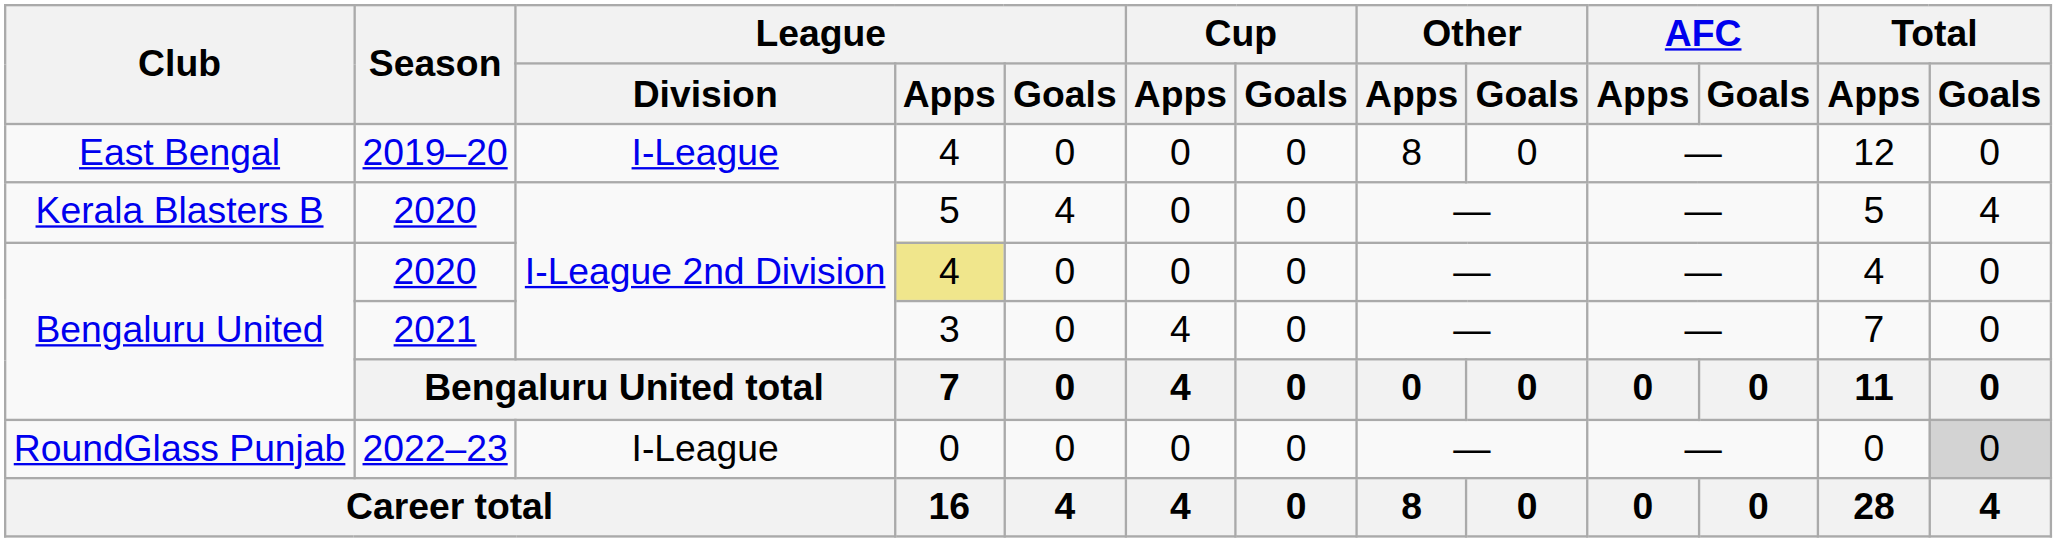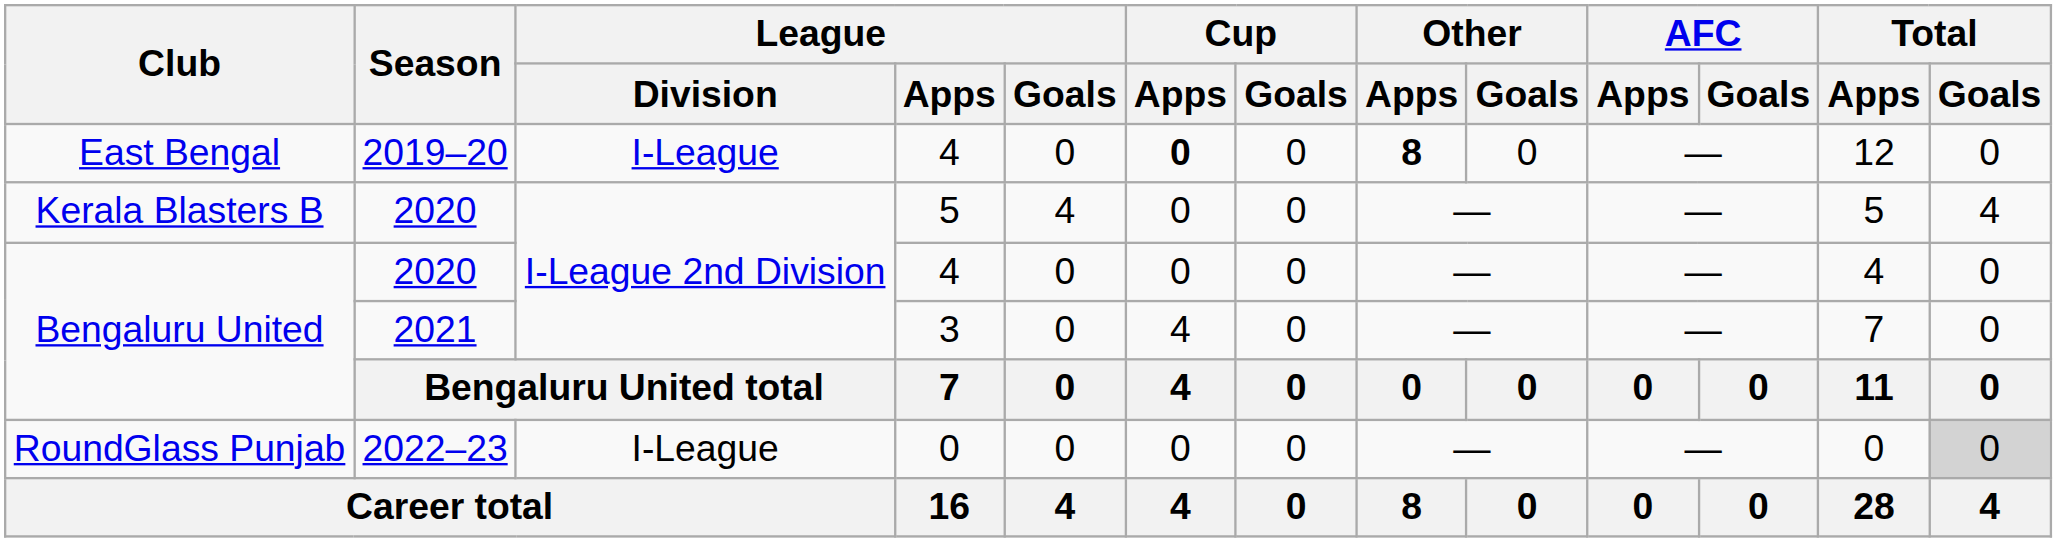 <table class="wikitable" style="text-align: center;">
 <tr>
 <th rowspan="2">Club</th>
 <th rowspan="2">Season</th>
 <th colspan="3">League</th>
 <th colspan="2">Cup</th>
 <th colspan="2">Other</th>
 <th colspan="2"><a href='#'>AFC</a></th>
 <th colspan="2">Total</th>
 </tr>
 <tr>
 <th>Division</th>
 <th>Apps</th>
 <th>Goals</th>
 <th>Apps</th>
 <th>Goals</th>
 <th>Apps</th>
 <th>Goals</th>
 <th>Apps</th>
 <th>Goals</th>
 <th>Apps</th>
 <th>Goals</th>
 </tr>
 <tr>
 <td rowspan="1"><a href='#'>East Bengal</a></td>
 <td><a href='#'>2019–20</a></td>
 <td rowspan="1"><a href='#'>I-League</a></td>
 <td>4</td>
 <td>0</td>
+<td><strong>0</strong></td>
 <td>0</td>
-<td>0</td>
-<td>8</td>
+<td><strong>8</strong></td>
 <td>0</td>
 <td colspan="2">—</td>
 <td>12</td>
 <td>0</td>
 </tr>
 <tr>
 <td rowspan="1"><a href='#'>Kerala Blasters B</a></td>
 <td><a href='#'>2020</a></td>
 <td rowspan="3"><a href='#'>I-League 2nd Division</a></td>
 <td>5</td>
 <td>4</td>
 <td>0</td>
 <td>0</td>
 <td colspan="2">—</td>
 <td colspan="2">—</td>
 <td>5</td>
 <td>4</td>
 </tr>
 <tr>
 <td rowspan="3"><a href='#'>Bengaluru United</a></td>
 <td><a href='#'>2020</a></td>
-<td style="background: khaki;">4</td>
+<td>4</td>
 <td>0</td>
 <td>0</td>
 <td>0</td>
 <td colspan="2">—</td>
 <td colspan="2">—</td>
 <td>4</td>
 <td>0</td>
 </tr>
 <tr>
 <td><a href='#'>2021</a></td>
 <td>3</td>
 <td>0</td>
 <td>4</td>
 <td>0</td>
 <td colspan="2">—</td>
 <td colspan="2">—</td>
 <td>7</td>
 <td>0</td>
 </tr>
 <tr>
 <th colspan="2">Bengaluru United total</th>
 <th>7</th>
 <th>0</th>
 <th>4</th>
 <th>0</th>
 <th>0</th>
 <th>0</th>
 <th>0</th>
 <th>0</th>
 <th>11</th>
 <th>0</th>
 </tr>
 <tr>
 <td rowspan="1"><a href='#'>RoundGlass Punjab</a></td>
 <td><a href='#'>2022–23</a></td>
 <td rowspan="1">I-League</td>
 <td>0</td>
 <td>0</td>
 <td>0</td>
 <td>0</td>
 <td colspan="2">—</td>
 <td colspan="2">—</td>
 <td>0</td>
 <td style="background: lightgrey;">0</td>
 </tr>
 <tr>
 <th colspan="3">Career total</th>
 <th>16</th>
 <th>4</th>
 <th>4</th>
 <th>0</th>
 <th>8</th>
 <th>0</th>
 <th>0</th>
 <th>0</th>
 <th>28</th>
 <th>4</th>
 </tr>
 </table>
